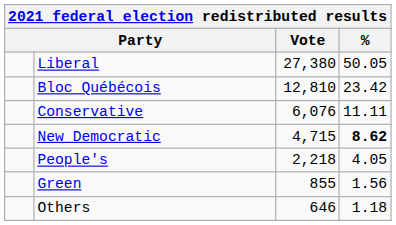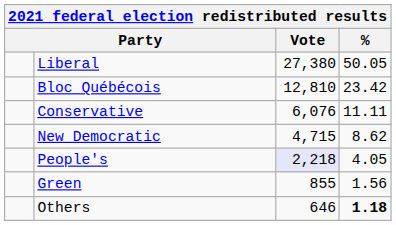 <table class="wikitable">
 <tr>
 <th colspan="4"><a href='#'>2021 federal election</a> redistributed results</th>
 </tr>
 <tr>
 <th bgcolor="#DDDDFF" width="130px" colspan="2">Party</th>
 <th bgcolor="#DDDDFF" width="50px">Vote</th>
 <th bgcolor="#DDDDFF" width="30px">%</th>
 </tr>
 <tr>
 <td> </td>
 <td><a href='#'>Liberal</a></td>
 <td align=right>27,380</td>
 <td align=right>50.05</td>
 </tr>
 <tr>
 <td> </td>
 <td><a href='#'>Bloc Québécois</a></td>
 <td align=right>12,810</td>
 <td align=right>23.42</td>
 </tr>
 <tr>
 <td> </td>
 <td><a href='#'>Conservative</a></td>
 <td align=right>6,076</td>
 <td align=right>11.11</td>
 </tr>
 <tr>
 <td> </td>
 <td><a href='#'>New Democratic</a></td>
 <td align=right>4,715</td>
-<td align=right><strong>8.62</strong></td>
+<td align=right>8.62</td>
 </tr>
 <tr>
 <td> </td>
 <td><a href='#'>People's</a></td>
-<td align=right>2,218</td>
+<td align=right style="background: lavender;">2,218</td>
 <td align=right>4.05</td>
 </tr>
 <tr>
 <td> </td>
 <td><a href='#'>Green</a></td>
 <td align=right>855</td>
 <td align=right>1.56</td>
 </tr>
 <tr>
 <td> </td>
 <td>Others</td>
 <td align=right>646</td>
-<td align=right>1.18</td>
+<td align=right><strong>1.18</strong></td>
 </tr>
 </table>
